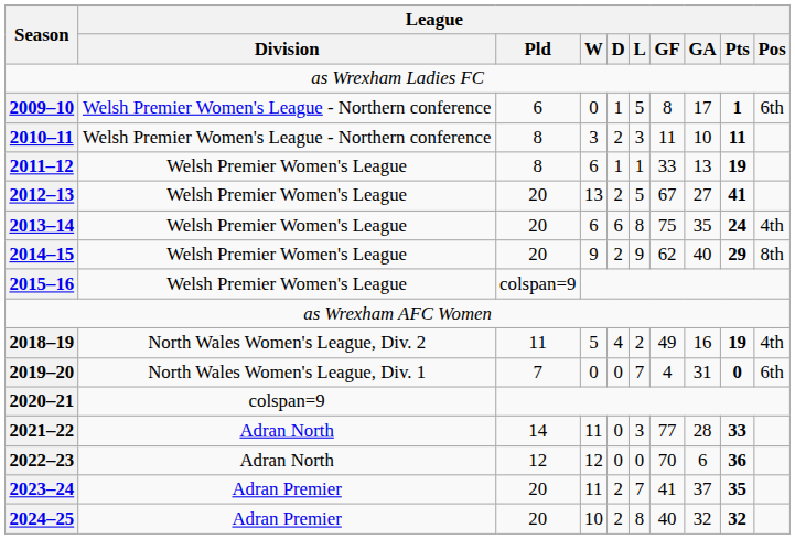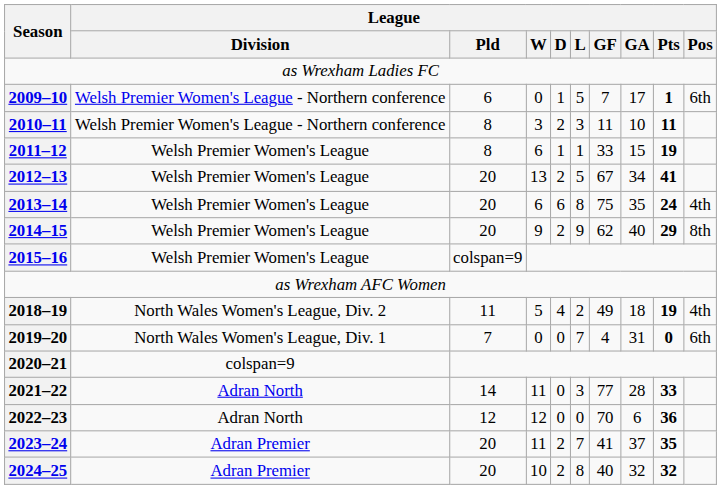 <table class="wikitable sortable" style="text-align: center">
 <tr>
 <th rowspan=2>Season</th>
 <th colspan=9>League</th>
 </tr>
 <tr>
 <th>Division</th>
 <th>Pld</th>
 <th>W</th>
 <th>D</th>
 <th>L</th>
 <th>GF</th>
 <th>GA</th>
 <th>Pts</th>
 <th>Pos</th>
 </tr>
 <tr>
 <td colspan=11><em>as Wrexham Ladies FC</em></td>
 </tr>
 <tr>
 <th><a href='#'>2009–10</a></th>
 <td><a href='#'>Welsh Premier Women's League</a> - Northern conference</td>
 <td>6</td>
 <td>0</td>
 <td>1</td>
 <td>5</td>
-<td>8</td>
+<td>7</td>
 <td>17</td>
 <td><strong>1</strong></td>
 <td>6th</td>
 </tr>
 <tr>
 <th><a href='#'>2010–11</a></th>
 <td>Welsh Premier Women's League - Northern conference</td>
 <td>8</td>
 <td>3</td>
 <td>2</td>
 <td>3</td>
 <td>11</td>
 <td>10</td>
 <td><strong>11</strong></td>
 <td></td>
 </tr>
 <tr>
 <th><a href='#'>2011–12</a></th>
 <td>Welsh Premier Women's League</td>
 <td>8</td>
 <td>6</td>
 <td>1</td>
 <td>1</td>
 <td>33</td>
-<td>13</td>
+<td>15</td>
 <td><strong>19</strong></td>
 <td></td>
 </tr>
 <tr>
 <th><a href='#'>2012–13</a></th>
 <td>Welsh Premier Women's League</td>
 <td>20</td>
 <td>13</td>
 <td>2</td>
 <td>5</td>
 <td>67</td>
-<td>27</td>
+<td>34</td>
 <td><strong>41</strong></td>
 <td></td>
 </tr>
 <tr>
 <th><a href='#'>2013–14</a></th>
 <td>Welsh Premier Women's League</td>
 <td>20</td>
 <td>6</td>
 <td>6</td>
 <td>8</td>
 <td>75</td>
 <td>35</td>
 <td><strong>24</strong></td>
 <td>4th</td>
 </tr>
 <tr>
 <th><a href='#'>2014–15</a></th>
 <td>Welsh Premier Women's League</td>
 <td>20</td>
 <td>9</td>
 <td>2</td>
 <td>9</td>
 <td>62</td>
 <td>40</td>
 <td><strong>29</strong></td>
 <td>8th</td>
 </tr>
 <tr>
 <th><a href='#'>2015–16</a></th>
 <td>Welsh Premier Women's League</td>
 <td>colspan=9 </td>
 </tr>
 <tr>
 <td colspan=11><em>as Wrexham AFC Women</em></td>
 </tr>
 <tr>
 <th>2018–19</th>
 <td>North Wales Women's League, Div. 2</td>
 <td>11</td>
 <td>5</td>
 <td>4</td>
 <td>2</td>
 <td>49</td>
-<td>16</td>
+<td>18</td>
 <td><strong>19</strong></td>
 <td>4th</td>
 </tr>
 <tr>
 <th>2019–20</th>
 <td>North Wales Women's League, Div. 1</td>
 <td>7</td>
 <td>0</td>
 <td>0</td>
 <td>7</td>
 <td>4</td>
 <td>31</td>
 <td><strong>0</strong></td>
 <td>6th</td>
 </tr>
 <tr>
 <th>2020–21</th>
 <td>colspan=9 </td>
 </tr>
 <tr>
 <th>2021–22</th>
 <td><a href='#'>Adran North</a></td>
 <td>14</td>
 <td>11</td>
 <td>0</td>
 <td>3</td>
 <td>77</td>
 <td>28</td>
 <td><strong>33</strong></td>
 <td></td>
 </tr>
 <tr>
 <th>2022–23</th>
 <td>Adran North</td>
 <td>12</td>
 <td>12</td>
 <td>0</td>
 <td>0</td>
 <td>70</td>
 <td>6</td>
 <td><strong>36</strong></td>
 <td></td>
 </tr>
 <tr>
 <th><a href='#'>2023–24</a></th>
 <td><a href='#'>Adran Premier</a></td>
 <td>20</td>
 <td>11</td>
 <td>2</td>
 <td>7</td>
 <td>41</td>
 <td>37</td>
 <td><strong>35</strong></td>
 <td></td>
 </tr>
 <tr>
 <th><a href='#'>2024–25</a></th>
 <td><a href='#'>Adran Premier</a></td>
 <td>20</td>
 <td>10</td>
 <td>2</td>
 <td>8</td>
 <td>40</td>
 <td>32</td>
 <td><strong>32</strong></td>
 <td></td>
 </tr>
 </table>
